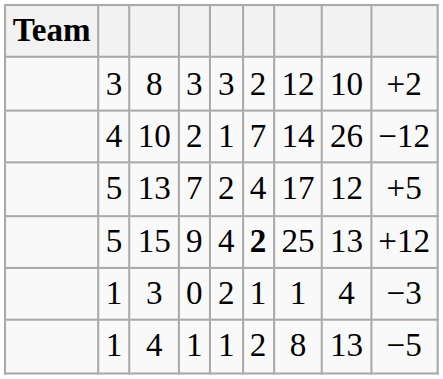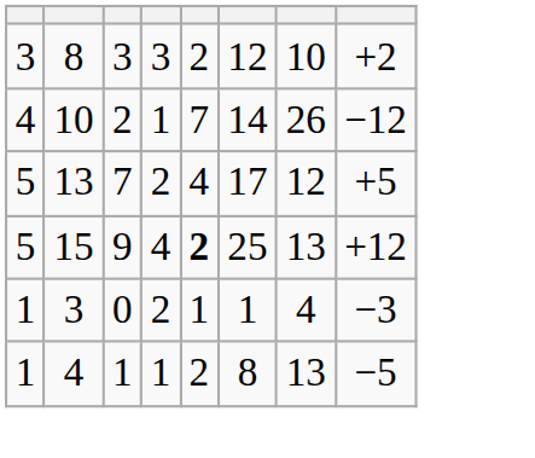 <table class="wikitable sortable" style="text-align:center">
 <tr>
-<th>Team</th>
 <th></th>
 <th></th>
 <th></th>
 <th></th>
 <th></th>
 <th></th>
 <th></th>
 <th></th>
 </tr>
 <tr>
-<td align=left> </td>
 <td>3</td>
 <td>8</td>
 <td>3</td>
 <td>3</td>
 <td>2</td>
 <td>12</td>
 <td>10</td>
 <td>+2</td>
 </tr>
 <tr>
-<td align=left> </td>
 <td>4</td>
 <td>10</td>
 <td>2</td>
 <td>1</td>
 <td>7</td>
 <td>14</td>
 <td>26</td>
 <td>−12</td>
 </tr>
 <tr>
-<td align=left> </td>
 <td>5</td>
 <td>13</td>
 <td>7</td>
 <td>2</td>
 <td>4</td>
 <td>17</td>
 <td>12</td>
 <td>+5</td>
 </tr>
 <tr>
-<td align=left> </td>
 <td>5</td>
 <td>15</td>
 <td>9</td>
 <td>4</td>
 <td><strong>2</strong></td>
 <td>25</td>
 <td>13</td>
 <td>+12</td>
 </tr>
 <tr>
-<td align=left> </td>
 <td>1</td>
 <td>3</td>
 <td>0</td>
 <td>2</td>
 <td>1</td>
 <td>1</td>
 <td>4</td>
 <td>−3</td>
 </tr>
 <tr>
-<td align=left> </td>
 <td>1</td>
 <td>4</td>
 <td>1</td>
 <td>1</td>
 <td>2</td>
 <td>8</td>
 <td>13</td>
 <td>−5</td>
 </tr>
 </table>
